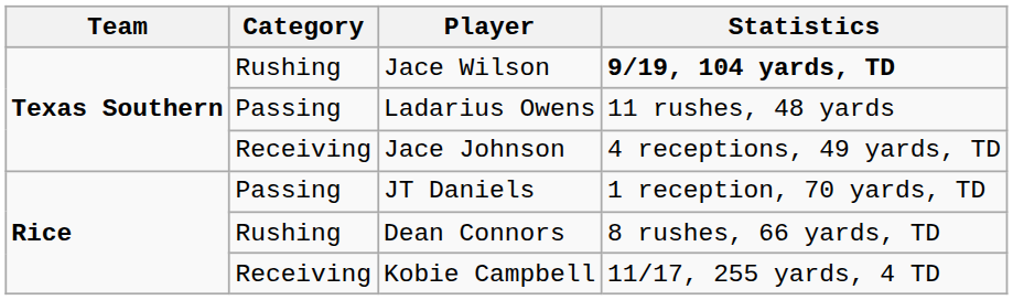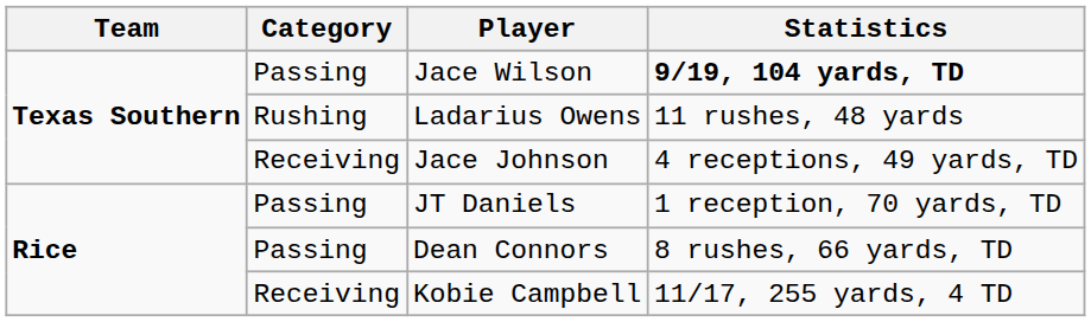 <table class="wikitable" style="float: right;">
 <tr>
 <th>Team</th>
 <th>Category</th>
 <th>Player</th>
 <th>Statistics</th>
 </tr>
 <tr>
 <td rowspan=3><strong>Texas Southern</strong></td>
-<td>Rushing</td>
+<td>Passing</td>
 <td>Jace Wilson</td>
 <td><strong>9/19, 104 yards, TD</strong></td>
 </tr>
 <tr>
-<td>Passing</td>
+<td>Rushing</td>
 <td>Ladarius Owens</td>
 <td>11 rushes, 48 yards</td>
 </tr>
 <tr>
 <td>Receiving</td>
 <td>Jace Johnson</td>
 <td>4 receptions, 49 yards, TD</td>
 </tr>
 <tr>
 <td rowspan=3><strong>Rice</strong></td>
 <td>Passing</td>
 <td>JT Daniels</td>
 <td>1 reception, 70 yards, TD</td>
 </tr>
 <tr>
-<td>Rushing</td>
+<td>Passing</td>
 <td>Dean Connors</td>
 <td>8 rushes, 66 yards, TD</td>
 </tr>
 <tr>
 <td>Receiving</td>
 <td>Kobie Campbell</td>
 <td>11/17, 255 yards, 4 TD</td>
 </tr>
 </table>
